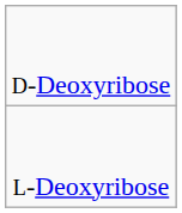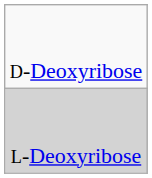 <table class="wikitable skin-invert-image">
 <tr align="center">
 <td><br><br><small>D</small>-<a href='#'>Deoxyribose</a></td>
 </tr>
 <tr align="center">
-<td><br><br><small>L</small>-<a href='#'>Deoxyribose</a></td>
+<td style="background: lightgrey;"><br><br><small>L</small>-<a href='#'>Deoxyribose</a></td>
 </tr>
 </table>
